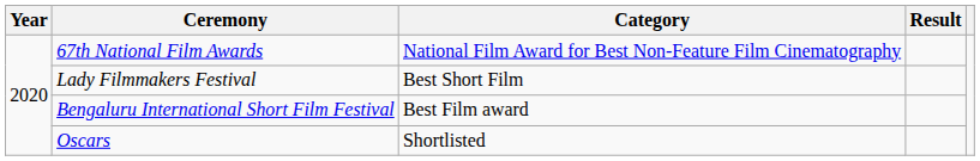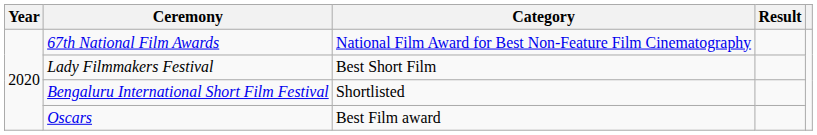 <table class="wikitable">
 <tr>
 <th>Year</th>
 <th>Ceremony</th>
 <th>Category</th>
 <th>Result</th>
 <th></th>
 </tr>
 <tr>
 <td rowspan="4">2020</td>
 <td><em><a href='#'>67th National Film Awards</a></em></td>
 <td><a href='#'>National Film Award for Best Non-Feature Film Cinematography</a></td>
 <td></td>
 <td rowspan="4"></td>
 </tr>
 <tr>
 <td><em>Lady Filmmakers Festival</em></td>
 <td>Best Short Film</td>
 <td></td>
 </tr>
 <tr>
 <td><em><a href='#'>Bengaluru International Short Film Festival</a></em></td>
-<td>Best Film award</td>
+<td>Shortlisted</td>
 <td></td>
 </tr>
 <tr>
 <td><a href='#'><em>Oscars</em></a></td>
-<td>Shortlisted</td>
+<td>Best Film award</td>
 <td></td>
 </tr>
 </table>
